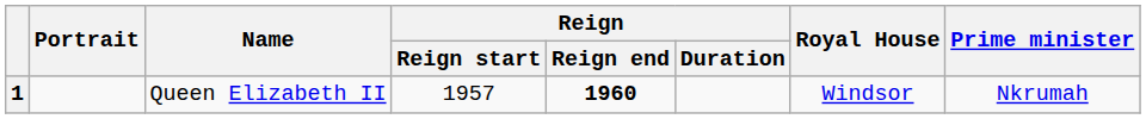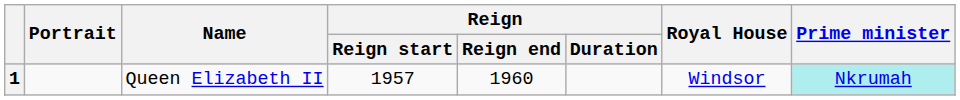 <table class="wikitable" style="text-align:center">
 <tr>
 <th rowspan="2"></th>
 <th rowspan="2">Portrait</th>
 <th rowspan="2">Name<br></th>
 <th colspan="3">Reign</th>
 <th rowspan="2">Royal House</th>
 <th rowspan="2"><a href='#'>Prime minister</a></th>
 </tr>
 <tr>
 <th>Reign start</th>
 <th>Reign end</th>
 <th>Duration</th>
 </tr>
 <tr>
 <th>1</th>
 <td></td>
 <td>Queen <a href='#'>Elizabeth II</a><br></td>
 <td> 1957</td>
-<td><strong> 1960</strong></td>
+<td> 1960</td>
 <td></td>
 <td><a href='#'>Windsor</a></td>
-<td><a href='#'>Nkrumah</a></td>
+<td style="background: paleturquoise;"><a href='#'>Nkrumah</a></td>
 </tr>
 </table>
